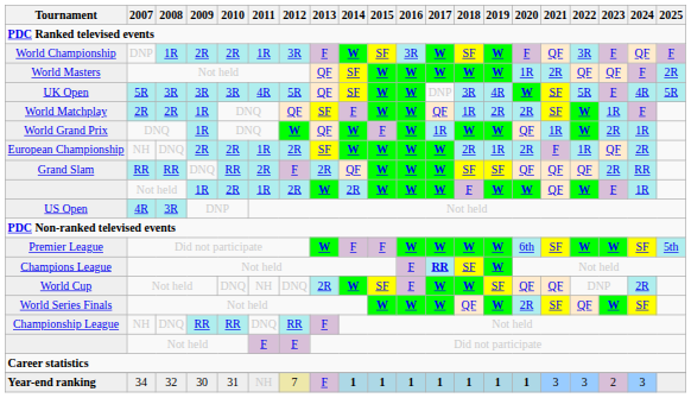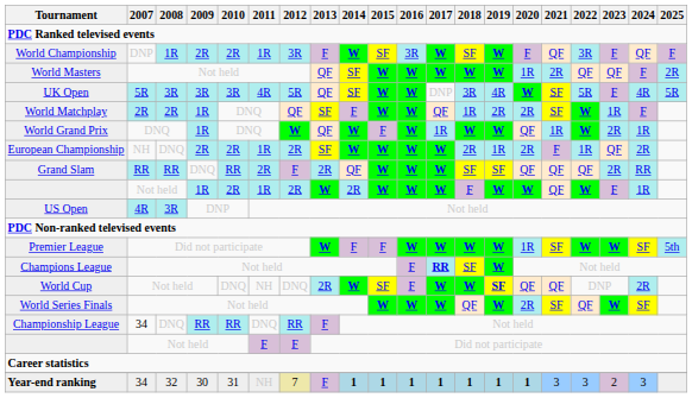 <table class=wikitable style=text-align:center;font-size:95%>
 <tr>
 <th>Tournament</th>
 <th>2007</th>
 <th>2008</th>
 <th>2009</th>
 <th>2010</th>
 <th>2011</th>
 <th>2012</th>
 <th>2013</th>
 <th>2014</th>
 <th>2015</th>
 <th>2016</th>
 <th>2017</th>
 <th>2018</th>
 <th>2019</th>
 <th>2020</th>
 <th>2021</th>
 <th>2022</th>
 <th>2023</th>
 <th>2024</th>
 <th>2025</th>
 </tr>
 <tr>
 <td colspan="21" align="left"><strong><a href='#'>PDC</a> Ranked televised events</strong></td>
 </tr>
 <tr>
 <td style="background:#efefef;"><a href='#'>World Championship</a></td>
 <td style="text-align:center; color:#ccc;">DNP</td>
 <td style="text-align:center; background:#afeeee;"><a href='#'>1R</a></td>
 <td style="text-align:center; background:#afeeee;"><a href='#'>2R</a></td>
 <td style="text-align:center; background:#afeeee;"><a href='#'>2R</a></td>
 <td style="text-align:center; background:#afeeee;"><a href='#'>1R</a></td>
 <td style="text-align:center; background:#afeeee;"><a href='#'>3R</a></td>
 <td style="text-align:center; background:thistle;"><a href='#'>F</a></td>
 <td style="text-align:center; background:lime;"><a href='#'><strong>W</strong></a></td>
 <td style="text-align:center; background:yellow;"><a href='#'>SF</a></td>
 <td style="text-align:center; background:#afeeee;"><a href='#'>3R</a></td>
 <td style="text-align:center; background:lime;"><a href='#'><strong>W</strong></a></td>
 <td style="text-align:center; background:yellow;"><a href='#'>SF</a></td>
 <td style="text-align:center; background:lime;"><a href='#'><strong>W</strong></a></td>
 <td style="text-align:center; background:thistle;"><a href='#'>F</a></td>
 <td style="text-align:center; background:#ffebcd"><a href='#'>QF</a></td>
 <td style="text-align:center; background:#afeeee;"><a href='#'>3R</a></td>
 <td style="text-align:center; background:thistle;"><a href='#'>F</a></td>
 <td style="text-align:center; background:#ffebcd"><a href='#'>QF</a></td>
 <td style="text-align:center; background:thistle;"><a href='#'>F</a></td>
 </tr>
 <tr>
 <td style="background:#efefef;"><a href='#'>World Masters</a></td>
 <td colspan="6" style="text-align:center; color:#ccc;">Not held</td>
 <td style="text-align:center; background:#ffebcd;"><a href='#'>QF</a></td>
 <td style="text-align:center; background:yellow;"><a href='#'>SF</a></td>
 <td style="text-align:center; background:lime;"><a href='#'><strong>W</strong></a></td>
 <td style="text-align:center; background:lime;"><a href='#'><strong>W</strong></a></td>
 <td style="text-align:center; background:lime;"><a href='#'><strong>W</strong></a></td>
 <td style="text-align:center; background:lime;"><a href='#'><strong>W</strong></a></td>
 <td style="text-align:center; background:lime;"><a href='#'><strong>W</strong></a></td>
 <td style="text-align:center; background:#afeeee;"><a href='#'>1R</a></td>
 <td style="text-align:center; background:#afeeee;"><a href='#'>2R</a></td>
 <td style="text-align:center; background:#ffebcd;"><a href='#'>QF</a></td>
 <td style="text-align:center; background:#ffebcd;"><a href='#'>QF</a></td>
 <td style="text-align:center; background:thistle;"><a href='#'>F</a></td>
 <td style="text-align:center; background:#afeeee;"><a href='#'>2R</a></td>
 </tr>
 <tr>
 <td style="background:#efefef;"><a href='#'>UK Open</a></td>
 <td style="text-align:center; background:#afeeee;"><a href='#'>5R</a></td>
 <td style="text-align:center; background:#afeeee;"><a href='#'>3R</a></td>
 <td style="text-align:center; background:#afeeee;"><a href='#'>3R</a></td>
 <td style="text-align:center; background:#afeeee;"><a href='#'>3R</a></td>
 <td style="text-align:center; background:#afeeee;"><a href='#'>4R</a></td>
 <td style="text-align:center; background:#afeeee;"><a href='#'>5R</a></td>
 <td style="text-align:center; background:#ffebcd;"><a href='#'>QF</a></td>
 <td style="text-align:center; background:yellow;"><a href='#'>SF</a></td>
 <td style="text-align:center; background:lime;"><a href='#'><strong>W</strong></a></td>
 <td style="text-align:center; background:lime;"><a href='#'><strong>W</strong></a></td>
 <td style="text-align:center; color:#ccc;">DNP</td>
 <td style="text-align:center; background:#afeeee;"><a href='#'>3R</a></td>
 <td style="text-align:center; background:#afeeee;"><a href='#'>4R</a></td>
 <td style="text-align:center; background:lime;"><a href='#'><strong>W</strong></a></td>
 <td style="text-align:center; background:yellow;"><a href='#'>SF</a></td>
 <td style="text-align:center; background:#afeeee;"><a href='#'>5R</a></td>
 <td style="text-align:center; background:thistle;"><a href='#'>F</a></td>
 <td style="text-align:center; background:#afeeee;"><a href='#'>4R</a></td>
 <td style="text-align:center; background:#afeeee;"><a href='#'>5R</a></td>
 </tr>
 <tr>
 <td style="background:#efefef;"><a href='#'>World Matchplay</a></td>
 <td style="text-align:center; background:#afeeee;"><a href='#'>2R</a></td>
 <td style="text-align:center; background:#afeeee;"><a href='#'>2R</a></td>
 <td style="text-align:center; background:#afeeee;"><a href='#'>1R</a></td>
 <td colspan="2" style="text-align:center; color:#ccc;">DNQ</td>
 <td style="text-align:center; background:#ffebcd;"><a href='#'>QF</a></td>
 <td style="text-align:center; background:yellow;"><a href='#'>SF</a></td>
 <td style="text-align:center; background:thistle;"><a href='#'>F</a></td>
 <td style="text-align:center; background:lime;"><a href='#'><strong>W</strong></a></td>
 <td style="text-align:center; background:lime;"><a href='#'><strong>W</strong></a></td>
 <td style="text-align:center; background:#ffebcd;"><a href='#'>QF</a></td>
 <td style="text-align:center; background:#afeeee;"><a href='#'>1R</a></td>
 <td style="text-align:center; background:#afeeee;"><a href='#'>2R</a></td>
 <td style="text-align:center; background:#afeeee;"><a href='#'>2R</a></td>
 <td style="text-align:center; background:yellow;"><a href='#'>SF</a></td>
 <td style="text-align:center; background:lime;"><a href='#'><strong>W</strong></a></td>
 <td style="text-align:center; background:#afeeee;"><a href='#'>1R</a></td>
 <td style="text-align:center; background:thistle;"><a href='#'>F</a></td>
 <td></td>
 </tr>
 <tr>
 <td style="background:#efefef;"><a href='#'>World Grand Prix</a></td>
 <td colspan="2"  style="text-align:center; color:#ccc;">DNQ</td>
 <td style="text-align:center; background:#afeeee;"><a href='#'>1R</a></td>
 <td colspan="2"  style="text-align:center; color:#ccc;">DNQ</td>
 <td style="text-align:center; background:lime;"><a href='#'><strong>W</strong></a></td>
 <td style="text-align:center; background:#ffebcd;"><a href='#'>QF</a></td>
 <td style="text-align:center; background:lime;"><a href='#'><strong>W</strong></a></td>
 <td style="text-align:center; background:thistle;"><a href='#'>F</a></td>
 <td style="text-align:center; background:lime;"><a href='#'><strong>W</strong></a></td>
 <td style="text-align:center; background:#afeeee;"><a href='#'>1R</a></td>
 <td style="text-align:center; background:lime;"><a href='#'><strong>W</strong></a></td>
 <td style="text-align:center; background:lime;"><a href='#'><strong>W</strong></a></td>
 <td style="text-align:center; background:#ffebcd;"><a href='#'>QF</a></td>
 <td style="text-align:center; background:#afeeee;"><a href='#'>1R</a></td>
 <td style="text-align:center; background:lime;"><a href='#'><strong>W</strong></a></td>
 <td style="text-align:center; background:#afeeee;"><a href='#'>2R</a></td>
 <td style="text-align:center; background:#afeeee;"><a href='#'>1R</a></td>
 <td></td>
 </tr>
 <tr>
 <td style="background:#efefef;"><a href='#'>European Championship</a></td>
 <td style="text-align:center; color:#ccc;">NH</td>
 <td style="text-align:center; color:#ccc;">DNQ</td>
 <td style="text-align:center; background:#afeeee;"><a href='#'>2R</a></td>
 <td style="text-align:center; background:#afeeee;"><a href='#'>2R</a></td>
 <td style="text-align:center; background:#afeeee;"><a href='#'>1R</a></td>
 <td style="text-align:center; background:#afeeee;"><a href='#'>2R</a></td>
 <td style="text-align:center; background:yellow;"><a href='#'>SF</a></td>
 <td style="text-align:center; background:lime;"><a href='#'><strong>W</strong></a></td>
 <td style="text-align:center; background:lime;"><a href='#'><strong>W</strong></a></td>
 <td style="text-align:center; background:lime;"><a href='#'><strong>W</strong></a></td>
 <td style="text-align:center; background:lime;"><a href='#'><strong>W</strong></a></td>
 <td style="text-align:center; background:#afeeee;"><a href='#'>2R</a></td>
 <td style="text-align:center; background:#afeeee;"><a href='#'>1R</a></td>
 <td style="text-align:center; background:#afeeee;"><a href='#'>2R</a></td>
 <td style="text-align:center; background:thistle;"><a href='#'>F</a></td>
 <td style="text-align:center; background:#afeeee;"><a href='#'>1R</a></td>
 <td style="text-align:center; background:#ffebcd;"><a href='#'>QF</a></td>
 <td style="text-align:center; background:#afeeee;"><a href='#'>2R</a></td>
 <td></td>
 </tr>
 <tr>
 <td style="background:#efefef;"><a href='#'>Grand Slam</a></td>
 <td style="text-align:center; background:#afeeee;"><a href='#'>RR</a></td>
 <td style="text-align:center; background:#afeeee;"><a href='#'>RR</a></td>
 <td style="text-align:center; color:#ccc;">DNQ</td>
 <td style="text-align:center; background:#afeeee;"><a href='#'>RR</a></td>
 <td style="text-align:center; background:#afeeee;"><a href='#'>2R</a></td>
 <td style="text-align:center; background:thistle;"><a href='#'>F</a></td>
 <td style="text-align:center; background:#afeeee;"><a href='#'>2R</a></td>
 <td style="text-align:center; background:#ffebcd;"><a href='#'>QF</a></td>
 <td style="text-align:center; background:lime;"><a href='#'><strong>W</strong></a></td>
 <td style="text-align:center; background:lime;"><a href='#'><strong>W</strong></a></td>
 <td style="text-align:center; background:lime;"><a href='#'><strong>W</strong></a></td>
 <td style="text-align:center; background:yellow;"><a href='#'>SF</a></td>
 <td style="text-align:center; background:yellow;"><a href='#'>SF</a></td>
 <td style="text-align:center; background:#ffebcd;"><a href='#'>QF</a></td>
 <td style="text-align:center; background:#ffebcd;"><a href='#'>QF</a></td>
 <td style="text-align:center; background:#ffebcd;"><a href='#'>QF</a></td>
 <td style="text-align:center; background:#afeeee;"><a href='#'>2R</a></td>
 <td style="text-align:center; background:#afeeee;"><a href='#'>RR</a></td>
 <td></td>
 </tr>
 <tr>
 <td style="background:#efefef;"></td>
 <td colspan="2" style="text-align:center; color:#ccc;">Not held</td>
 <td style="text-align:center; background:#afeeee;"><a href='#'>1R</a></td>
 <td style="text-align:center; background:#afeeee;"><a href='#'>2R</a></td>
 <td style="text-align:center; background:#afeeee;"><a href='#'>1R</a></td>
 <td style="text-align:center; background:#afeeee;"><a href='#'>2R</a></td>
 <td style="text-align:center; background:lime;"><a href='#'><strong>W</strong></a></td>
 <td style="text-align:center; background:#afeeee;"><a href='#'>2R</a></td>
 <td style="text-align:center; background:lime;"><a href='#'><strong>W</strong></a></td>
 <td style="text-align:center; background:lime;"><a href='#'><strong>W</strong></a></td>
 <td style="text-align:center; background:lime;"><a href='#'><strong>W</strong></a></td>
 <td style="text-align:center; background:thistle;"><a href='#'>F</a></td>
 <td style="text-align:center; background:lime;"><a href='#'><strong>W</strong></a></td>
 <td style="text-align:center; background:lime;"><a href='#'><strong>W</strong></a></td>
 <td style="text-align:center; background:#ffebcd;"><a href='#'>QF</a></td>
 <td style="text-align:center; background:lime;"><a href='#'><strong>W</strong></a></td>
 <td style="text-align:center; background:thistle;"><a href='#'>F</a></td>
 <td style="text-align:center; background:#afeeee;"><a href='#'>1R</a></td>
 <td></td>
 </tr>
 <tr>
 <td style="background:#efefef;"><a href='#'>US Open</a></td>
 <td style="text-align:center; background:#afeeee;"><a href='#'>4R</a></td>
 <td style="text-align:center; background:#afeeee;"><a href='#'>3R</a></td>
 <td colspan="2" style="text-align:center; color:#ccc;">DNP</td>
 <td colspan="15" style="text-align:center; color:#ccc;">Not held</td>
 </tr>
 <tr>
 <td colspan="21" align="left"><strong><a href='#'>PDC</a> Non-ranked televised events</strong></td>
 </tr>
 <tr>
 <td style="background:#efefef;"><a href='#'>Premier League</a></td>
 <td colspan="6" style="text-align:center; color:#ccc;">Did not participate</td>
 <td style="text-align:center; background:lime;"><a href='#'><strong>W</strong></a></td>
 <td style="text-align:center; background:thistle;"><a href='#'>F</a></td>
 <td style="text-align:center; background:thistle;"><a href='#'>F</a></td>
 <td style="text-align:center; background:lime;"><a href='#'><strong>W</strong></a></td>
 <td style="text-align:center; background:lime;"><a href='#'><strong>W</strong></a></td>
 <td style="text-align:center; background:lime;"><a href='#'><strong>W</strong></a></td>
 <td style="text-align:center; background:lime;"><a href='#'><strong>W</strong></a></td>
-<td style="text-align:center; background:#afeeee;"><a href='#'>6th</a></td>
+<td style="text-align:center; background:#afeeee;"><a href='#'>1R</a></td>
 <td style="text-align:center; background:yellow;"><a href='#'>SF</a></td>
 <td style="text-align:center; background:lime;"><a href='#'><strong>W</strong></a></td>
 <td style="text-align:center; background:lime;"><a href='#'><strong>W</strong></a></td>
 <td style="text-align:center; background:yellow;"><a href='#'>SF</a></td>
 <td style="text-align:center; background:#afeeee;"><a href='#'>5th</a></td>
 </tr>
 <tr>
 <td style="background:#efefef;"><a href='#'>Champions League</a></td>
 <td colspan="9" style="text-align:center; color:#ccc;">Not held</td>
 <td style="text-align:center; background:thistle;"><a href='#'>F</a></td>
 <td style="text-align:center; background:#afeeee;"><strong><a href='#'>RR</a></strong></td>
 <td style="text-align:center; background:yellow;"><a href='#'>SF</a></td>
 <td style="text-align:center; background:lime;"><a href='#'><strong>W</strong></a></td>
 <td colspan="6" style="text-align:center; color:#ccc;">Not held</td>
 </tr>
 <tr>
 <td style="background:#efefef;"><a href='#'>World Cup</a></td>
 <td colspan='3' style="text-align:center; color:#ccc;">Not held</td>
 <td style="text-align:center; color:#ccc;">DNQ</td>
 <td style="text-align:center; color:#ccc;">NH</td>
 <td style="text-align:center; color:#ccc;">DNQ</td>
 <td style="text-align:center; background:#afeeee;"><a href='#'>2R</a></td>
 <td style="text-align:center; background:lime;"><a href='#'><strong>W</strong></a></td>
 <td style="text-align:center; background:yellow;"><a href='#'>SF</a></td>
 <td style="text-align:center; background:thistle;"><a href='#'>F</a></td>
 <td style="text-align:center; background:lime;"><a href='#'><strong>W</strong></a></td>
 <td style="text-align:center; background:lime;"><a href='#'><strong>W</strong></a></td>
-<td style="text-align:center; background:yellow;"><a href='#'>SF</a></td>
+<td style="text-align:center; background:yellow;"><strong><a href='#'>SF</a></strong></td>
 <td style="text-align:center; background:#ffebcd;"><a href='#'>QF</a></td>
 <td style="text-align:center; background:#ffebcd;"><a href='#'>QF</a></td>
 <td colspan="2" style="text-align:center; color:#ccc;">DNP</td>
 <td style="text-align:center; background:#afeeee;"><a href='#'>2R</a></td>
 <td></td>
 </tr>
 <tr>
 <td style="background:#efefef;"><a href='#'>World Series Finals</a></td>
 <td colspan='8' style="text-align:center; color:#ccc;">Not held</td>
 <td style="text-align:center; background:lime;"><a href='#'><strong>W</strong></a></td>
 <td style="text-align:center; background:lime;"><a href='#'><strong>W</strong></a></td>
 <td style="text-align:center; background:lime;"><a href='#'><strong>W</strong></a></td>
 <td style="text-align:center; background:#ffebcd;"><a href='#'>QF</a></td>
 <td style="text-align:center; background:lime;"><a href='#'><strong>W</strong></a></td>
 <td style="text-align:center; background:#afeeee;"><a href='#'>2R</a></td>
 <td style="text-align:center; background:yellow;"><a href='#'>SF</a></td>
 <td style="text-align:center; background:#ffebcd;"><a href='#'>QF</a></td>
 <td style="text-align:center; background:lime;"><a href='#'><strong>W</strong></a></td>
 <td style="text-align:center; background:yellow;"><a href='#'>SF</a></td>
 <td></td>
 </tr>
 <tr>
 <td style="background:#efefef;"><a href='#'>Championship League</a></td>
-<td style="text-align:center; color:#ccc;">NH</td>
+<td style="text-align:center;">34</td>
 <td style="text-align:center; color:#ccc;">DNQ</td>
 <td style="text-align:center; background:#afeeee;"><a href='#'>RR</a></td>
 <td style="text-align:center; background:#afeeee;"><a href='#'>RR</a></td>
 <td style="text-align:center; color:#ccc;">DNQ</td>
 <td style="text-align:center; background:#afeeee;"><a href='#'>RR</a></td>
 <td style="text-align:center; background:thistle;"><a href='#'>F</a></td>
 <td colspan="12" style="text-align:center; color:#ccc;">Not held</td>
 </tr>
 <tr>
 <td style="background:#efefef;"></td>
 <td colspan="4" style="text-align:center; color:#ccc;">Not held</td>
 <td style="text-align:center; background:thistle;"><a href='#'>F</a></td>
 <td style="text-align:center; background:thistle;"><a href='#'>F</a></td>
 <td colspan="13" style="text-align:center; color:#ccc;">Did not participate</td>
 </tr>
 <tr>
 <td colspan="21" align="left"><strong>Career statistics</strong></td>
 </tr>
 <tr>
 </tr>
 <tr bgcolor="efefef">
 <td align="left"><strong>Year-end ranking</strong></td>
 <td style="text-align:center;">34</td>
 <td style="text-align:center;">32</td>
 <td style="text-align:center;">30</td>
 <td style="text-align:center;">31</td>
 <td style="text-align:center; color:#ccc;">NH</td>
 <td style="text-align:center; background:#eee8aa;">7</td>
 <td style="text-align:center; background:thistle;"><a href='#'>F</a></td>
 <td style="text-align:center; background:#add8e6;"><strong>1</strong></td>
 <td style="text-align:center; background:#add8e6;"><strong>1</strong></td>
 <td style="text-align:center; background:#add8e6;"><strong>1</strong></td>
 <td style="text-align:center; background:#add8e6;"><strong>1</strong></td>
 <td style="text-align:center; background:#add8e6;"><strong>1</strong></td>
 <td style="text-align:center; background:#add8e6;"><strong>1</strong></td>
 <td style="text-align:center; background:#add8e6;"><strong>1</strong></td>
 <td style="text-align:center; background:#99ccff;">3</td>
 <td style="text-align:center; background:#99ccff;">3</td>
 <td style="text-align:center; background:thistle;">2</td>
 <td style="text-align:center; background:#99ccff;">3</td>
 <td></td>
 </tr>
 </table>
